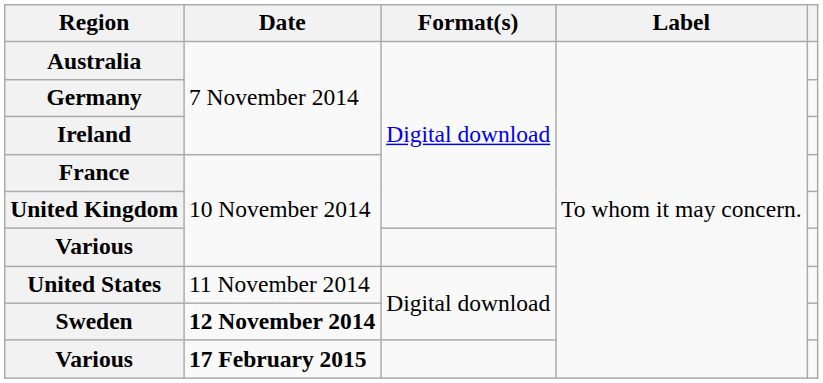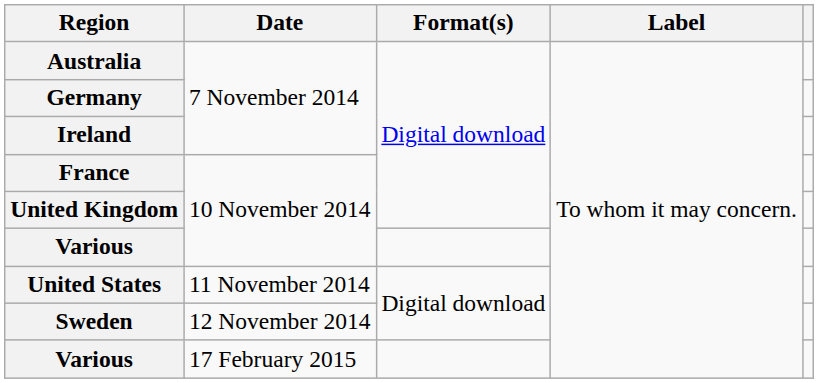 <table class="wikitable plainrowheaders">
 <tr>
 <th scope="col">Region</th>
 <th scope="col">Date</th>
 <th scope="col">Format(s)</th>
 <th scope="col">Label</th>
 <th scope="col"></th>
 </tr>
 <tr>
 <th scope="row">Australia</th>
 <td rowspan="3">7 November 2014</td>
 <td rowspan="5"><a href='#'>Digital download</a></td>
 <td rowspan="9">To whom it may concern.</td>
 <td align="center"></td>
 </tr>
 <tr>
 <th scope="row">Germany</th>
 <td align="center"></td>
 </tr>
 <tr>
 <th scope="row">Ireland</th>
 <td align="center"></td>
 </tr>
 <tr>
 <th scope="row">France</th>
 <td rowspan="3">10 November 2014</td>
 <td align="center"></td>
 </tr>
 <tr>
 <th scope="row">United Kingdom</th>
 <td align="center"></td>
 </tr>
 <tr>
 <th scope="row">Various</th>
 <td></td>
 <td align="center"></td>
 </tr>
 <tr>
 <th scope="row">United States</th>
 <td>11 November 2014</td>
 <td rowspan="2">Digital download</td>
 <td align="center"></td>
 </tr>
 <tr>
 <th scope="row">Sweden</th>
-<td><strong>12 November 2014</strong></td>
+<td>12 November 2014</td>
 <td align="center"></td>
 </tr>
 <tr>
 <th scope="row">Various</th>
-<td><strong>17 February 2015</strong></td>
+<td>17 February 2015</td>
 <td></td>
 <td align="center"></td>
 </tr>
 </table>
